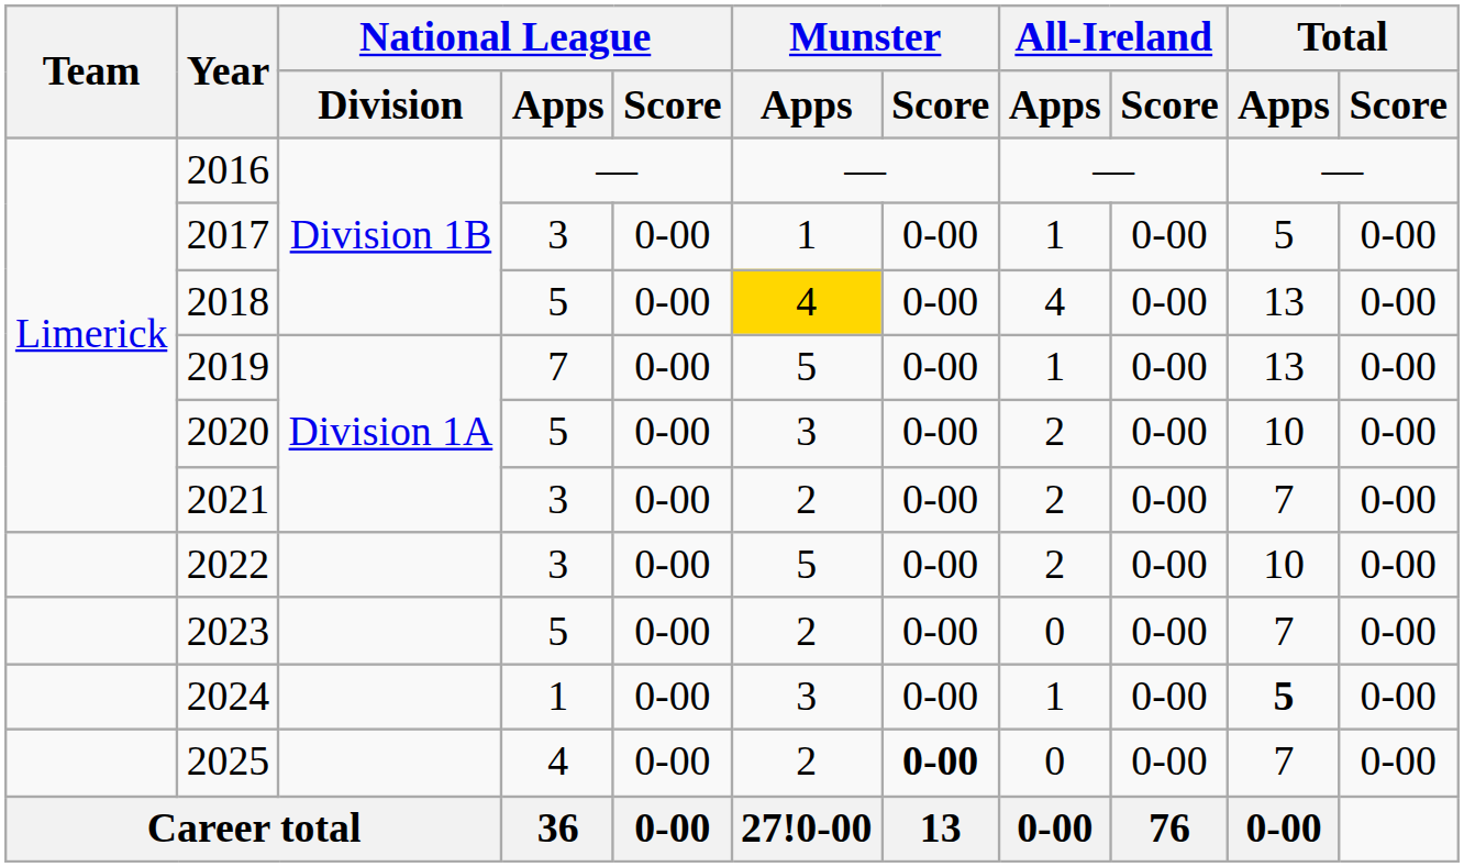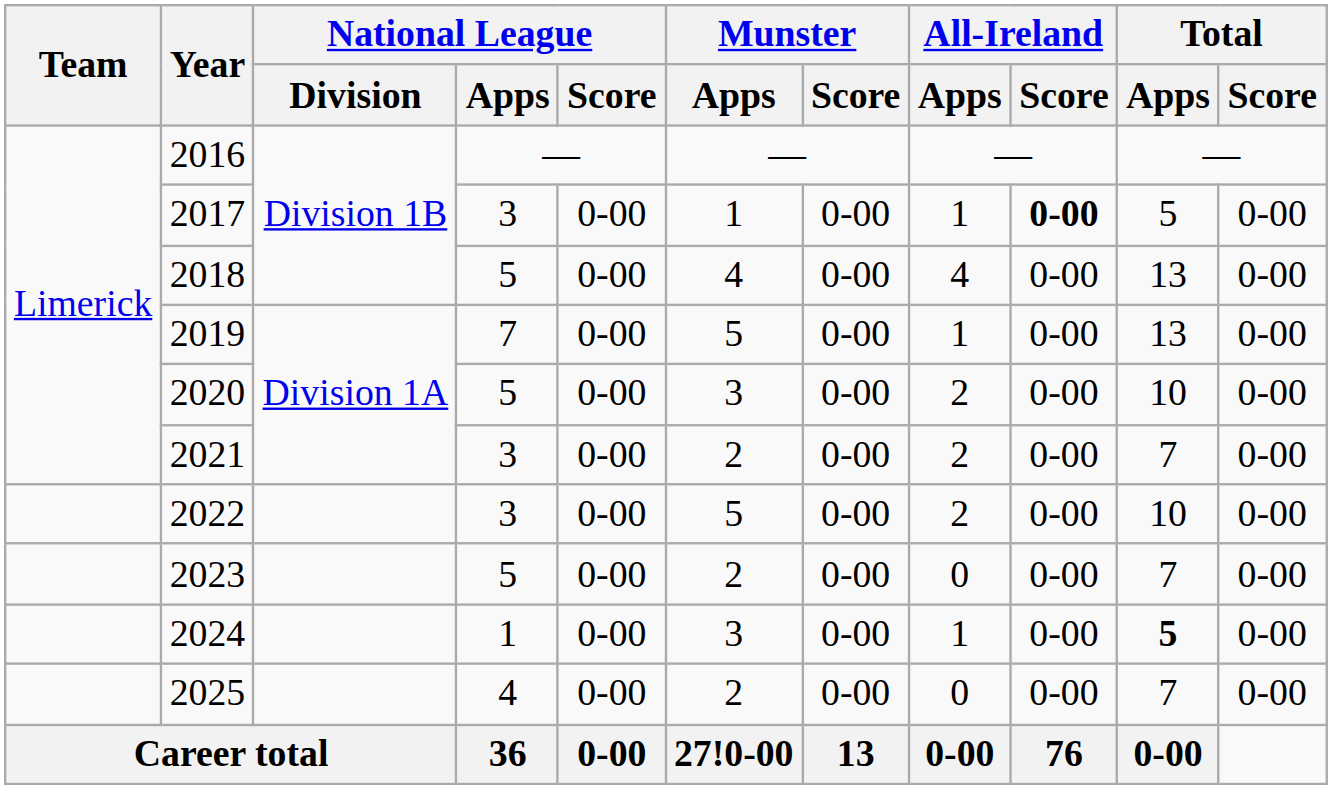 <table class="wikitable" style="text-align:center">
 <tr>
 <th rowspan="2">Team</th>
 <th rowspan="2">Year</th>
 <th colspan="3"><a href='#'>National League</a></th>
 <th colspan="2"><a href='#'>Munster</a></th>
 <th colspan="2"><a href='#'>All-Ireland</a></th>
 <th colspan="2">Total</th>
 </tr>
 <tr>
 <th>Division</th>
 <th>Apps</th>
 <th>Score</th>
 <th>Apps</th>
 <th>Score</th>
 <th>Apps</th>
 <th>Score</th>
 <th>Apps</th>
 <th>Score</th>
 </tr>
 <tr>
 <td rowspan="6"><a href='#'>Limerick</a></td>
 <td>2016</td>
 <td rowspan="3"><a href='#'>Division 1B</a></td>
 <td colspan=2>—</td>
 <td colspan=2>—</td>
 <td colspan=2>—</td>
 <td colspan=2>—</td>
 </tr>
 <tr>
 <td>2017</td>
 <td>3</td>
 <td>0-00</td>
 <td>1</td>
 <td>0-00</td>
 <td>1</td>
-<td>0-00</td>
+<td><strong>0-00</strong></td>
 <td>5</td>
 <td>0-00</td>
 </tr>
 <tr>
 <td>2018</td>
 <td>5</td>
 <td>0-00</td>
-<td style="background: gold;">4</td>
+<td>4</td>
 <td>0-00</td>
 <td>4</td>
 <td>0-00</td>
 <td>13</td>
 <td>0-00</td>
 </tr>
 <tr>
 <td>2019</td>
 <td rowspan="3"><a href='#'>Division 1A</a></td>
 <td>7</td>
 <td>0-00</td>
 <td>5</td>
 <td>0-00</td>
 <td>1</td>
 <td>0-00</td>
 <td>13</td>
 <td>0-00</td>
 </tr>
 <tr>
 <td>2020</td>
 <td>5</td>
 <td>0-00</td>
 <td>3</td>
 <td>0-00</td>
 <td>2</td>
 <td>0-00</td>
 <td>10</td>
 <td>0-00</td>
 </tr>
 <tr>
 <td>2021</td>
 <td>3</td>
 <td>0-00</td>
 <td>2</td>
 <td>0-00</td>
 <td>2</td>
 <td>0-00</td>
 <td>7</td>
 <td>0-00</td>
 </tr>
 <tr>
 <td></td>
 <td>2022</td>
 <td></td>
 <td>3</td>
 <td>0-00</td>
 <td>5</td>
 <td>0-00</td>
 <td>2</td>
 <td>0-00</td>
 <td>10</td>
 <td>0-00</td>
 </tr>
 <tr>
 <td></td>
 <td>2023</td>
 <td></td>
 <td>5</td>
 <td>0-00</td>
 <td>2</td>
 <td>0-00</td>
 <td>0</td>
 <td>0-00</td>
 <td>7</td>
 <td>0-00</td>
 </tr>
 <tr>
 <td></td>
 <td>2024</td>
 <td></td>
 <td>1</td>
 <td>0-00</td>
 <td>3</td>
 <td>0-00</td>
 <td>1</td>
 <td>0-00</td>
 <td><strong>5</strong></td>
 <td>0-00</td>
 </tr>
 <tr>
 <td></td>
 <td>2025</td>
 <td></td>
 <td>4</td>
 <td>0-00</td>
 <td>2</td>
-<td><strong>0-00</strong></td>
+<td>0-00</td>
 <td>0</td>
 <td>0-00</td>
 <td>7</td>
 <td>0-00</td>
 </tr>
 <tr>
 <th colspan="3">Career total</th>
 <th>36</th>
 <th>0-00</th>
 <th>27!0-00</th>
 <th>13</th>
 <th>0-00</th>
 <th>76</th>
 <th>0-00</th>
 </tr>
 </table>
